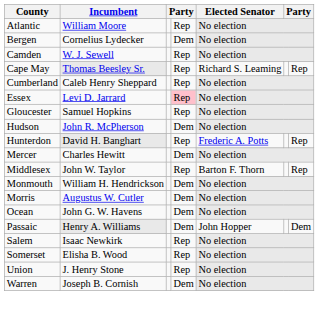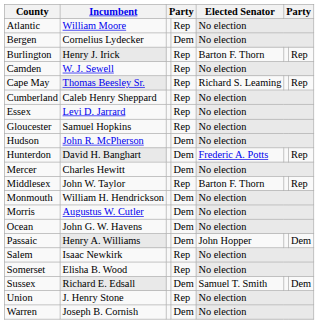 <table class="sortable wikitable" style="font-size:95%;line-height:14px;">
 <tr>
 <th>County</th>
 <th class="unsortable"><a href='#'>Incumbent</a></th>
 <th colspan="2">Party</th>
 <th>Elected Senator</th>
 <th colspan="2">Party</th>
 </tr>
 <tr>
 <td>Atlantic</td>
 <td><a href='#'>William Moore</a></td>
 <td style="background:"></td>
 <td>Rep</td>
 <td colspan="3" style="background:#E9E9E9;">No election</td>
 </tr>
 <tr>
 <td>Bergen</td>
 <td>Cornelius Lydecker</td>
 <td style="background:"></td>
 <td>Dem</td>
 <td colspan="3" style="background:#E9E9E9;">No election</td>
+</tr>
+<tr>
+<td>Burlington</td>
+<td style="background:#E9E9E9;">Henry J. Irick</td>
+<td style="background:"></td>
+<td>Rep</td>
+<td>Barton F. Thorn</td>
+<td style="background:"></td>
+<td>Rep</td>
 </tr>
 <tr>
 <td>Camden</td>
 <td><a href='#'>W. J. Sewell</a></td>
 <td style="background:"></td>
 <td>Rep</td>
 <td colspan="3" style="background:#E9E9E9;">No election</td>
 </tr>
 <tr>
 <td>Cape May</td>
 <td style="background:#E9E9E9;"><a href='#'>Thomas Beesley Sr.</a></td>
 <td style="background:"></td>
 <td>Rep</td>
 <td>Richard S. Leaming</td>
 <td style="background:"></td>
 <td>Rep</td>
 </tr>
 <tr>
 <td>Cumberland</td>
 <td>Caleb Henry Sheppard</td>
 <td style="background:"></td>
 <td>Rep</td>
 <td colspan="3" style="background:#E9E9E9;">No election</td>
 </tr>
 <tr>
 <td>Essex</td>
 <td><a href='#'>Levi D. Jarrard</a></td>
 <td style="background:"></td>
-<td style="background: pink;">Rep</td>
+<td>Rep</td>
 <td colspan="3" style="background:#E9E9E9;">No election</td>
 </tr>
 <tr>
 <td>Gloucester</td>
 <td>Samuel Hopkins</td>
 <td style="background:"></td>
 <td>Rep</td>
 <td colspan="3" style="background:#E9E9E9;">No election</td>
 </tr>
 <tr>
 <td>Hudson</td>
 <td><a href='#'>John R. McPherson</a></td>
 <td style="background:"></td>
 <td>Dem</td>
 <td colspan="3" style="background:#E9E9E9;">No election</td>
 </tr>
 <tr>
 <td>Hunterdon</td>
 <td style="background:#E9E9E9;">David H. Banghart</td>
 <td style="background:"></td>
-<td>Rep</td>
+<td>Dem</td>
 <td><a href='#'>Frederic A. Potts</a></td>
 <td style="background:"></td>
 <td>Rep</td>
 </tr>
 <tr>
 <td>Mercer</td>
 <td>Charles Hewitt</td>
 <td style="background:"></td>
 <td>Dem</td>
 <td colspan="3" style="background:#E9E9E9;">No election</td>
 </tr>
 <tr>
 <td>Middlesex</td>
 <td>John W. Taylor</td>
 <td style="background:"></td>
 <td>Rep</td>
 <td>Barton F. Thorn</td>
 <td style="background:"></td>
 <td>Rep</td>
 </tr>
 <tr>
 <td>Monmouth</td>
 <td>William H. Hendrickson</td>
 <td style="background:"></td>
 <td>Dem</td>
 <td colspan="3" style="background:#E9E9E9;">No election</td>
 </tr>
 <tr>
 <td>Morris</td>
 <td><a href='#'>Augustus W. Cutler</a></td>
 <td style="background:"></td>
 <td>Dem</td>
 <td colspan="3" style="background:#E9E9E9;">No election</td>
 </tr>
 <tr>
 <td>Ocean</td>
 <td>John G. W. Havens</td>
 <td style="background:"></td>
 <td>Dem</td>
 <td colspan="3" style="background:#E9E9E9;">No election</td>
 </tr>
 <tr>
 <td>Passaic</td>
 <td style="background:#E9E9E9;">Henry A. Williams</td>
 <td style="background:"></td>
 <td>Dem</td>
 <td>John Hopper</td>
 <td style="background:"></td>
 <td>Dem</td>
 </tr>
 <tr>
 <td>Salem</td>
 <td>Isaac Newkirk</td>
 <td style="background:"></td>
 <td>Rep</td>
 <td colspan="3" style="background:#E9E9E9;">No election</td>
 </tr>
 <tr>
 <td>Somerset</td>
 <td>Elisha B. Wood</td>
 <td style="background:"></td>
 <td>Rep</td>
 <td colspan="3" style="background:#E9E9E9;">No election</td>
 </tr>
 <tr>
+<td>Sussex</td>
+<td style="background:#E9E9E9;">Richard E. Edsall</td>
+<td style="background:"></td>
+<td>Dem</td>
+<td>Samuel T. Smith</td>
+<td style="background:"></td>
+<td>Dem</td>
+</tr>
+<tr>
 <td>Union</td>
 <td>J. Henry Stone</td>
 <td style="background:"></td>
 <td>Rep</td>
 <td colspan="3" style="background:#E9E9E9;">No election</td>
 </tr>
 <tr>
 <td>Warren</td>
 <td>Joseph B. Cornish</td>
 <td style="background:"></td>
 <td>Dem</td>
 <td colspan="3" style="background:#E9E9E9;">No election</td>
 </tr>
 </table>
